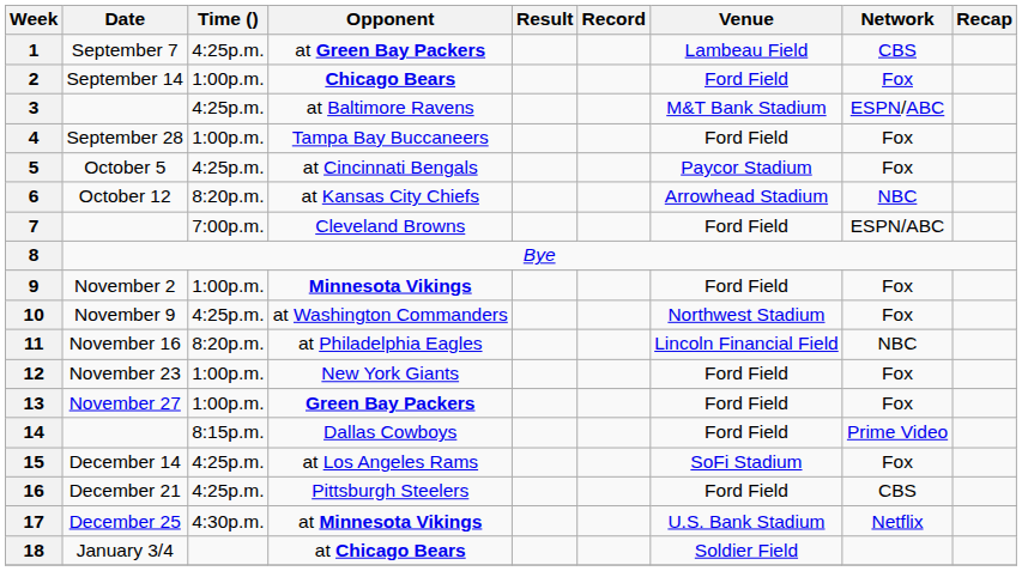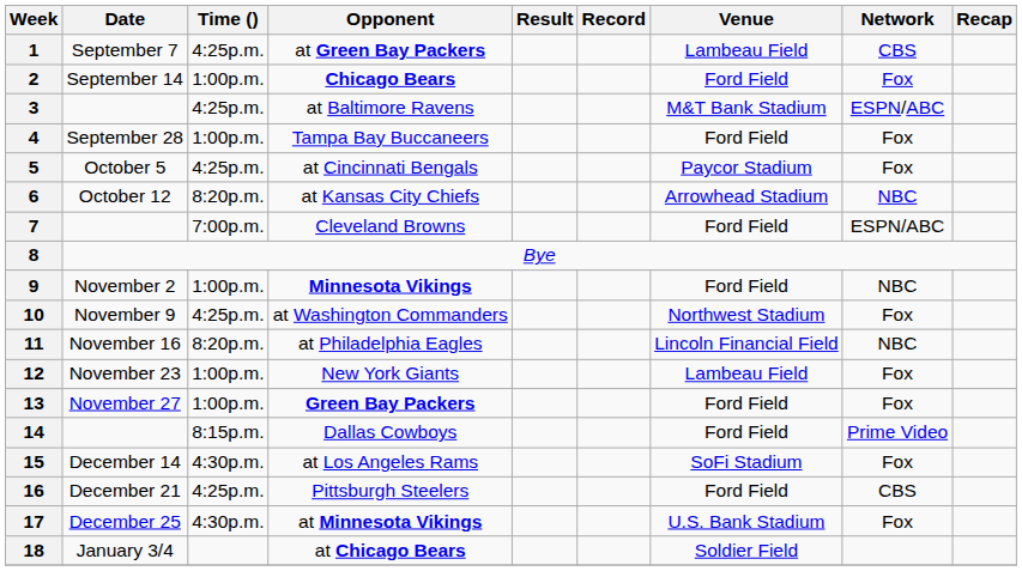 <table class="wikitable" style="text-align:center">
 <tr>
 <th>Week</th>
 <th>Date</th>
 <th>Time (<a href='#'></a>)</th>
 <th>Opponent</th>
 <th>Result</th>
 <th>Record</th>
 <th>Venue</th>
 <th>Network</th>
 <th>Recap</th>
 </tr>
 <tr>
 <th>1 </th>
 <td>September 7</td>
 <td>4:25p.m.</td>
 <td>at <strong><a href='#'>Green Bay Packers</a></strong></td>
 <td></td>
 <td></td>
 <td><a href='#'>Lambeau Field</a></td>
 <td><a href='#'>CBS</a></td>
 <td></td>
 </tr>
 <tr>
 <th>2 </th>
 <td>September 14</td>
 <td>1:00p.m.</td>
 <td><strong><a href='#'>Chicago Bears</a></strong></td>
 <td></td>
 <td></td>
 <td><a href='#'>Ford Field</a></td>
 <td><a href='#'>Fox</a></td>
 <td></td>
 </tr>
 <tr>
 <th>3 </th>
 <td></td>
 <td>4:25p.m.</td>
 <td>at <a href='#'>Baltimore Ravens</a></td>
 <td></td>
 <td></td>
 <td><a href='#'>M&T Bank Stadium</a></td>
 <td><a href='#'>ESPN</a>/<a href='#'>ABC</a></td>
 <td></td>
 </tr>
 <tr>
 <th>4 </th>
 <td>September 28</td>
 <td>1:00p.m.</td>
 <td><a href='#'>Tampa Bay Buccaneers</a></td>
 <td></td>
 <td></td>
 <td>Ford Field</td>
 <td>Fox</td>
 <td></td>
 </tr>
 <tr>
 <th>5 </th>
 <td>October 5</td>
 <td>4:25p.m.</td>
 <td>at <a href='#'>Cincinnati Bengals</a></td>
 <td></td>
 <td></td>
 <td><a href='#'>Paycor Stadium</a></td>
 <td>Fox</td>
 <td></td>
 </tr>
 <tr>
 <th>6 </th>
 <td>October 12</td>
 <td>8:20p.m.</td>
 <td>at <a href='#'>Kansas City Chiefs</a></td>
 <td></td>
 <td></td>
 <td><a href='#'>Arrowhead Stadium</a></td>
 <td><a href='#'>NBC</a></td>
 <td></td>
 </tr>
 <tr>
 <th>7 </th>
 <td></td>
 <td>7:00p.m.</td>
 <td><a href='#'>Cleveland Browns</a></td>
 <td></td>
 <td></td>
 <td>Ford Field</td>
 <td>ESPN/ABC</td>
 <td></td>
 </tr>
 <tr>
 <th>8</th>
 <td colspan=8><em><a href='#'>Bye</a></em></td>
 </tr>
 <tr>
 <th>9 </th>
 <td>November 2</td>
 <td>1:00p.m.</td>
 <td><strong><a href='#'>Minnesota Vikings</a></strong></td>
 <td></td>
 <td></td>
 <td>Ford Field</td>
-<td>Fox</td>
+<td>NBC</td>
 <td></td>
 </tr>
 <tr>
 <th>10 </th>
 <td>November 9</td>
 <td>4:25p.m.</td>
 <td>at <a href='#'>Washington Commanders</a></td>
 <td></td>
 <td></td>
 <td><a href='#'>Northwest Stadium</a></td>
 <td>Fox</td>
 <td></td>
 </tr>
 <tr>
 <th>11 </th>
 <td>November 16</td>
 <td>8:20p.m.</td>
 <td>at <a href='#'>Philadelphia Eagles</a></td>
 <td></td>
 <td></td>
 <td><a href='#'>Lincoln Financial Field</a></td>
 <td>NBC</td>
 <td></td>
 </tr>
 <tr>
 <th>12 </th>
 <td>November 23</td>
 <td>1:00p.m.</td>
 <td><a href='#'>New York Giants</a></td>
 <td></td>
 <td></td>
-<td>Ford Field</td>
+<td><a href='#'>Lambeau Field</a></td>
 <td>Fox</td>
 <td></td>
 </tr>
 <tr>
 <th>13 </th>
 <td><a href='#'>November 27</a></td>
 <td>1:00p.m.</td>
 <td><strong><a href='#'>Green Bay Packers</a></strong></td>
 <td></td>
 <td></td>
 <td>Ford Field</td>
 <td>Fox</td>
 <td></td>
 </tr>
 <tr>
 <th>14 </th>
 <td></td>
 <td>8:15p.m.</td>
 <td><a href='#'>Dallas Cowboys</a></td>
 <td></td>
 <td></td>
 <td>Ford Field</td>
 <td><a href='#'>Prime Video</a></td>
 <td></td>
 </tr>
 <tr>
 <th>15 </th>
 <td>December 14</td>
-<td>4:25p.m.</td>
+<td>4:30p.m.</td>
 <td>at <a href='#'>Los Angeles Rams</a></td>
 <td></td>
 <td></td>
 <td><a href='#'>SoFi Stadium</a></td>
 <td>Fox</td>
 <td></td>
 </tr>
 <tr>
 <th>16 </th>
 <td>December 21</td>
 <td>4:25p.m.</td>
 <td><a href='#'>Pittsburgh Steelers</a></td>
 <td></td>
 <td></td>
 <td>Ford Field</td>
 <td>CBS</td>
 <td></td>
 </tr>
 <tr>
 <th>17 </th>
 <td><a href='#'>December 25</a></td>
 <td>4:30p.m.</td>
 <td>at <strong><a href='#'>Minnesota Vikings</a></strong></td>
 <td></td>
 <td></td>
 <td><a href='#'>U.S. Bank Stadium</a></td>
-<td><a href='#'>Netflix</a></td>
+<td>Fox</td>
 <td></td>
 </tr>
 <tr>
 <th>18 </th>
 <td>January 3/4</td>
 <td></td>
 <td>at <strong><a href='#'>Chicago Bears</a></strong></td>
 <td></td>
 <td></td>
 <td><a href='#'>Soldier Field</a></td>
 <td></td>
 <td></td>
 </tr>
 <tr>
 </tr>
 </table>
